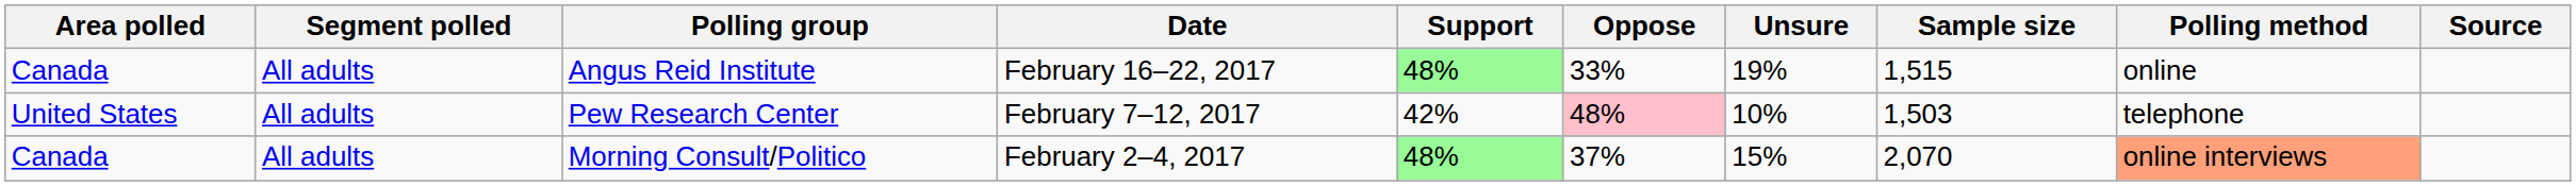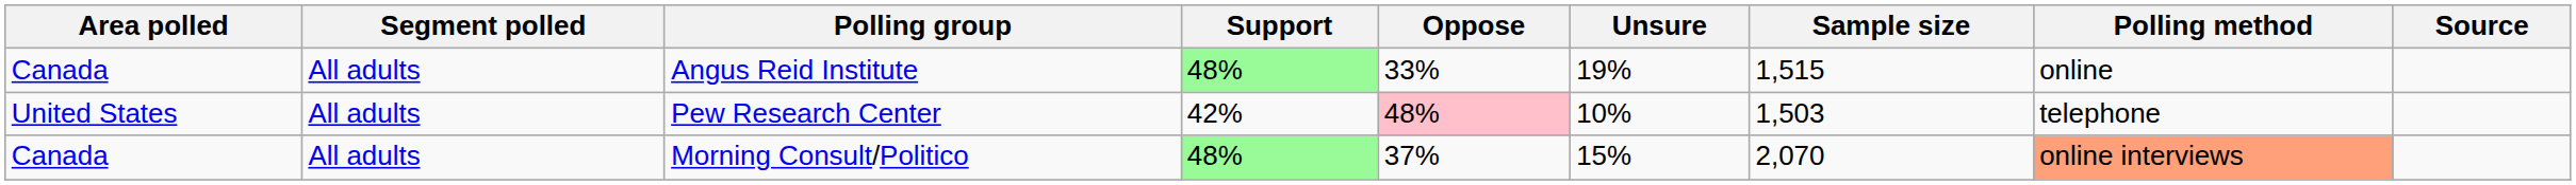 <table class="wikitable sortable" style="width: 75%;">
 <tr>
 <th>Area polled</th>
 <th>Segment polled</th>
 <th>Polling group</th>
-<th>Date</th>
 <th>Support</th>
 <th>Oppose</th>
 <th>Unsure</th>
 <th>Sample size</th>
 <th>Polling method</th>
 <th>Source</th>
 </tr>
 <tr>
 <td> <a href='#'>Canada</a></td>
 <td><a href='#'>All adults</a></td>
 <td><a href='#'>Angus Reid Institute</a></td>
-<td>February 16–22, 2017</td>
 <td style="background: PaleGreen; color: black">48%</td>
 <td>33%</td>
 <td>19%</td>
 <td>1,515</td>
 <td>online</td>
 <td></td>
 </tr>
 <tr>
 <td> <a href='#'>United States</a></td>
 <td><a href='#'>All adults</a></td>
 <td><a href='#'>Pew Research Center</a></td>
-<td>February 7–12, 2017</td>
 <td>42%</td>
 <td style="background: Pink; color: black">48%</td>
 <td>10%</td>
 <td>1,503</td>
 <td>telephone</td>
 <td></td>
 </tr>
 <tr>
 <td> <a href='#'>Canada</a></td>
 <td><a href='#'>All adults</a></td>
 <td><a href='#'>Morning Consult</a>/<a href='#'>Politico</a></td>
-<td>February 2–4, 2017</td>
 <td style="background: PaleGreen; color: black">48%</td>
 <td>37%</td>
 <td>15%</td>
 <td>2,070</td>
 <td style="background: lightsalmon;">online interviews</td>
 <td></td>
 </tr>
 </table>
